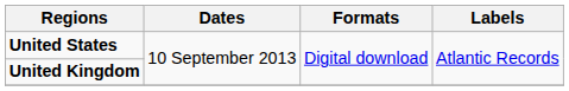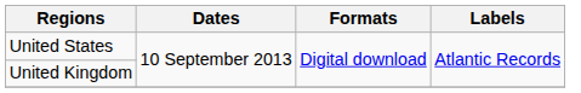 <table class="wikitable plainrowheaders">
 <tr>
 <th scope="col">Regions</th>
 <th scope="col">Dates</th>
 <th scope="col">Formats</th>
 <th scope="col">Labels</th>
 </tr>
 <tr>
-<td><strong>United States</strong></td>
+<td>United States</td>
 <td rowspan="2">10 September 2013</td>
 <td rowspan="2"><a href='#'>Digital download</a></td>
 <td rowspan="2"><a href='#'>Atlantic Records</a></td>
 </tr>
 <tr>
-<td><strong>United Kingdom</strong></td>
+<td>United Kingdom</td>
 </tr>
 <tr>
 </tr>
 </table>
